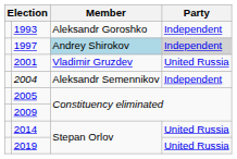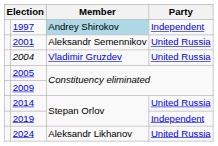 <table class="wikitable">
 <tr>
 <th colspan="2">Election</th>
 <th>Member</th>
 <th>Party</th>
 </tr>
 <tr>
 <td style="background-color:"></td>
-<td><a href='#'>1993</a></td>
-<td>Aleksandr Goroshko</td>
+<td><a href='#'>1997</a></td>
+<td style="background: lightblue;">Andrey Shirokov</td>
 <td><a href='#'>Independent</a></td>
 </tr>
 <tr>
 <td style="background-color:"></td>
-<td><a href='#'>1997</a></td>
-<td style="background: lightblue;">Andrey Shirokov</td>
-<td style="background: lightgrey;"><a href='#'>Independent</a></td>
-</tr>
-<tr>
-<td style="background-color:"></td>
 <td><a href='#'>2001</a></td>
-<td><a href='#'>Vladimir Gruzdev</a></td>
+<td>Aleksandr Semennikov</td>
 <td><a href='#'>United Russia</a></td>
 </tr>
 <tr>
 <td style="background-color:"></td>
 <td><em>2004</em></td>
-<td>Aleksandr Semennikov</td>
-<td><a href='#'>Independent</a></td>
+<td><a href='#'>Vladimir Gruzdev</a></td>
+<td><a href='#'>United Russia</a></td>
 </tr>
 <tr>
 <td style="background-color:"></td>
 <td><a href='#'>2005</a></td>
 <td colspan=2 rowspan=2><em>Constituency eliminated</em></td>
 </tr>
 <tr>
 <td style="background-color:"></td>
 <td><a href='#'>2009</a></td>
 </tr>
 <tr>
 <td style="background-color:"></td>
 <td><a href='#'>2014</a></td>
 <td rowspan=2>Stepan Orlov</td>
 <td><a href='#'>United Russia</a></td>
 </tr>
 <tr>
 <td style="background-color:"></td>
 <td><a href='#'>2019</a></td>
+<td><a href='#'>Independent</a></td>
+</tr>
+<tr>
+<td style="background-color:"></td>
+<td><a href='#'>2024</a></td>
+<td>Aleksandr Likhanov</td>
 <td><a href='#'>United Russia</a></td>
 </tr>
 </table>
